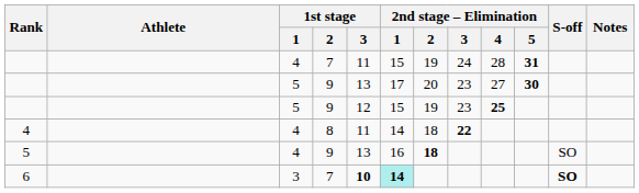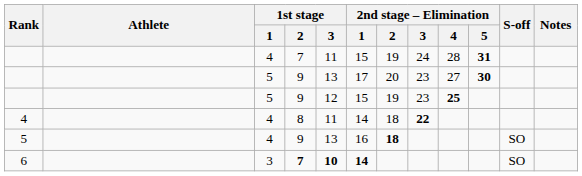 <table class="wikitable" style="text-align:center">
 <tr>
 <th rowspan=2 width=40>Rank</th>
 <th rowspan=2 width=250>Athlete</th>
 <th colspan=3>1st stage</th>
 <th colspan=5>2nd stage – Elimination</th>
 <th rowspan=2 width=35>S-off</th>
 <th rowspan=2 width=45>Notes</th>
 </tr>
 <tr>
 <th width=30>1</th>
 <th width=30>2</th>
 <th width=30>3</th>
 <th width=30>1</th>
 <th width=30>2</th>
 <th width=30>3</th>
 <th width=30>4</th>
 <th width=30>5</th>
 </tr>
 <tr>
 <td></td>
 <td align=left></td>
 <td>4</td>
 <td>7</td>
 <td>11</td>
 <td>15</td>
 <td>19</td>
 <td>24</td>
 <td>28</td>
 <td><strong>31</strong></td>
 <td></td>
 <td></td>
 </tr>
 <tr>
 <td></td>
 <td align=left></td>
 <td>5</td>
 <td>9</td>
 <td>13</td>
 <td>17</td>
 <td>20</td>
 <td>23</td>
 <td>27</td>
 <td><strong>30</strong></td>
 <td></td>
 <td></td>
 </tr>
 <tr>
 <td></td>
 <td align=left></td>
 <td>5</td>
 <td>9</td>
 <td>12</td>
 <td>15</td>
 <td>19</td>
 <td>23</td>
 <td><strong>25</strong></td>
 <td></td>
 <td></td>
 <td></td>
 </tr>
 <tr>
 <td>4</td>
 <td align=left></td>
 <td>4</td>
 <td>8</td>
 <td>11</td>
 <td>14</td>
 <td>18</td>
 <td><strong>22</strong></td>
 <td></td>
 <td></td>
 <td></td>
 <td></td>
 </tr>
 <tr>
 <td>5</td>
 <td align=left></td>
 <td>4</td>
 <td>9</td>
 <td>13</td>
 <td>16</td>
 <td><strong>18</strong></td>
 <td></td>
 <td></td>
 <td></td>
 <td>SO</td>
 <td></td>
 </tr>
 <tr>
 <td>6</td>
 <td align=left></td>
 <td>3</td>
-<td>7</td>
+<td><strong>7</strong></td>
 <td><strong>10</strong></td>
-<td style="background: paleturquoise;"><strong>14</strong></td>
+<td><strong>14</strong></td>
 <td></td>
 <td></td>
 <td></td>
 <td></td>
-<td><strong>SO</strong></td>
+<td>SO</td>
 <td></td>
 </tr>
 </table>
